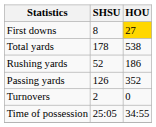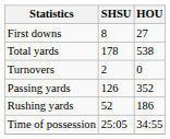 <table class="wikitable" style="float: left;">
 <tr>
 <th>Statistics</th>
 <th>SHSU</th>
 <th>HOU</th>
 </tr>
 <tr>
 <td>First downs</td>
 <td>8</td>
-<td style="background: gold;">27</td>
+<td>27</td>
 </tr>
 <tr>
 <td>Total yards</td>
 <td>178</td>
 <td>538</td>
 </tr>
 <tr>
-<td>Rushing yards</td>
-<td>52</td>
-<td>186</td>
+<td>Turnovers</td>
+<td>2</td>
+<td>0</td>
 </tr>
 <tr>
 <td>Passing yards</td>
 <td>126</td>
 <td>352</td>
 </tr>
 <tr>
-<td>Turnovers</td>
-<td>2</td>
-<td>0</td>
+<td>Rushing yards</td>
+<td>52</td>
+<td>186</td>
 </tr>
 <tr>
 <td>Time of possession</td>
 <td>25:05</td>
 <td>34:55</td>
 </tr>
 <tr>
 </tr>
 </table>
